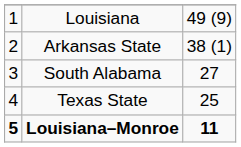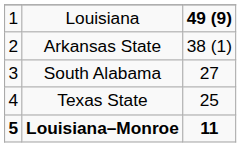 <table class="wikitable" style="display: inline-table;">
 <tr align="center">
 </tr>
 <tr align="center">
 <td>1</td>
 <td>Louisiana</td>
-<td>49 (9)</td>
+<td><strong>49 (9)</strong></td>
 </tr>
 <tr align="center">
 <td>2</td>
 <td>Arkansas State</td>
 <td>38 (1)</td>
 </tr>
 <tr align="center">
 <td>3</td>
 <td>South Alabama</td>
 <td>27</td>
 </tr>
 <tr align="center">
 <td>4</td>
 <td>Texas State</td>
 <td>25</td>
 </tr>
 <tr align="center">
 <td><strong>5</strong></td>
 <td><strong>Louisiana–Monroe</strong></td>
 <td><strong>11</strong></td>
 </tr>
 </table>
